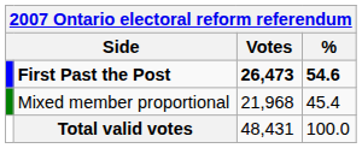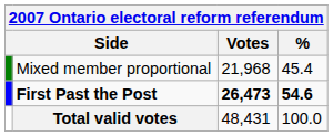 <table class="wikitable" style="font-size: 95%; clear:both">
 <tr style="background-color:#E9E9E9">
 <th colspan=4><a href='#'>2007 Ontario electoral reform referendum</a></th>
 </tr>
 <tr style="background-color:#E9E9E9">
 <th colspan=2 style="width: 130px">Side</th>
 <th style="width: 50px">Votes</th>
 <th style="width: 40px">%</th>
 </tr>
 <tr>
+<td bgcolor="green"></td>
+<td>Mixed member proportional</td>
+<td>21,968</td>
+<td>45.4</td>
+</tr>
+<tr>
 <td bgcolor="blue"></td>
 <td><strong>First Past the Post</strong></td>
 <td><strong>26,473</strong></td>
 <td><strong>54.6</strong></td>
-</tr>
-<tr>
-<td bgcolor="green"></td>
-<td>Mixed member proportional</td>
-<td>21,968</td>
-<td>45.4</td>
 </tr>
 <tr>
 <td bgcolor="white"></td>
 <th>Total valid votes</th>
 <td>48,431</td>
 <td>100.0</td>
 </tr>
 </table>
